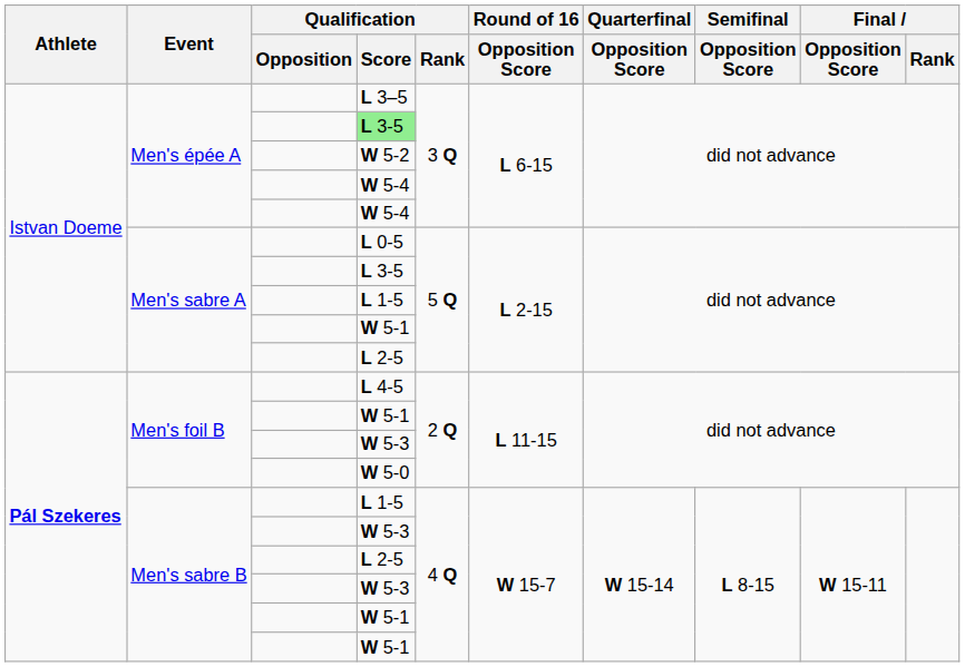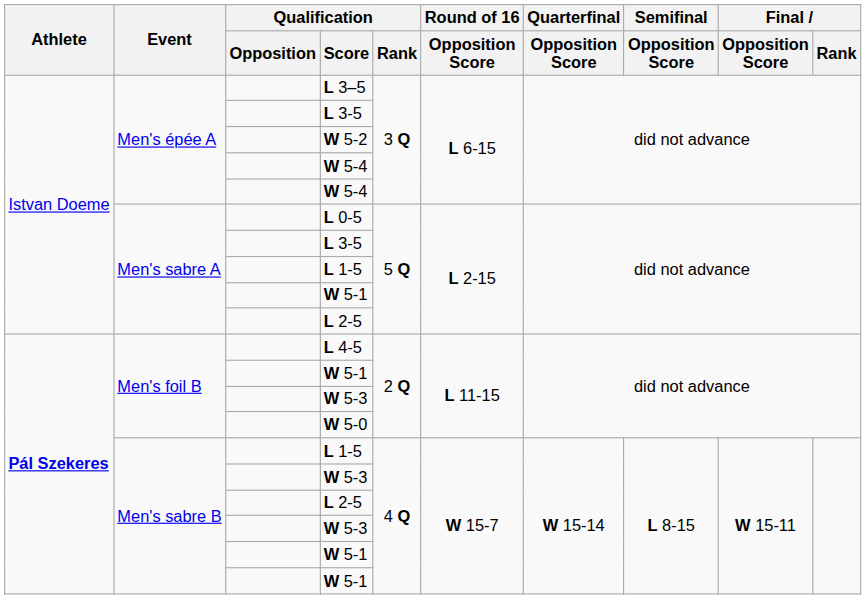 <table class=wikitable style="font-size:90%">
 <tr>
 <th rowspan="2">Athlete</th>
 <th rowspan="2">Event</th>
 <th colspan="3">Qualification</th>
 <th>Round of 16</th>
 <th>Quarterfinal</th>
 <th>Semifinal</th>
 <th colspan="2">Final / </th>
 </tr>
 <tr>
 <th>Opposition</th>
 <th>Score</th>
 <th>Rank</th>
 <th>Opposition<br>Score</th>
 <th>Opposition<br>Score</th>
 <th>Opposition<br>Score</th>
 <th>Opposition<br>Score</th>
 <th>Rank</th>
 </tr>
 <tr>
 <td rowspan=10><a href='#'>Istvan Doeme</a></td>
 <td rowspan=5><a href='#'>Men's épée A</a></td>
 <td></td>
 <td><strong>L</strong> 3–5</td>
 <td align="center" rowspan=5>3 <strong>Q</strong></td>
 <td align="center" rowspan=5><br><strong>L</strong> 6-15</td>
 <td align="center" rowspan=5 colspan=4>did not advance</td>
 </tr>
 <tr>
 <td></td>
-<td style="background: lightgreen;"><strong>L</strong> 3-5</td>
+<td><strong>L</strong> 3-5</td>
 </tr>
 <tr>
 <td></td>
 <td><strong>W</strong> 5-2</td>
 </tr>
 <tr>
 <td></td>
 <td><strong>W</strong> 5-4</td>
 </tr>
 <tr>
 <td></td>
 <td><strong>W</strong> 5-4</td>
 </tr>
 <tr>
 <td rowspan=5><a href='#'>Men's sabre A</a></td>
 <td></td>
 <td><strong>L</strong> 0-5</td>
 <td align="center" rowspan=5>5 <strong>Q</strong></td>
 <td align="center" rowspan=5><br><strong>L</strong> 2-15</td>
 <td align="center" rowspan=5 colspan=4>did not advance</td>
 </tr>
 <tr>
 <td></td>
 <td><strong>L</strong> 3-5</td>
 </tr>
 <tr>
 <td></td>
 <td><strong>L</strong> 1-5</td>
 </tr>
 <tr>
 <td></td>
 <td><strong>W</strong> 5-1</td>
 </tr>
 <tr>
 <td></td>
 <td><strong>L</strong> 2-5</td>
 </tr>
 <tr>
 <td rowspan=10><strong><a href='#'>Pál Szekeres</a></strong></td>
 <td rowspan=4><a href='#'>Men's foil B</a></td>
 <td></td>
 <td><strong>L</strong> 4-5</td>
 <td align="center" rowspan=4>2 <strong>Q</strong></td>
 <td align="center" rowspan=4><br><strong>L</strong> 11-15</td>
 <td align="center" rowspan=4 colspan=4>did not advance</td>
 </tr>
 <tr>
 <td></td>
 <td><strong>W</strong> 5-1</td>
 </tr>
 <tr>
 <td></td>
 <td><strong>W</strong> 5-3</td>
 </tr>
 <tr>
 <td></td>
 <td><strong>W</strong> 5-0</td>
 </tr>
 <tr>
 <td rowspan=6><a href='#'>Men's sabre B</a></td>
 <td></td>
 <td><strong>L</strong> 1-5</td>
 <td align="center" rowspan=6>4 <strong>Q</strong></td>
 <td align="center" rowspan=6><br><strong>W</strong> 15-7</td>
 <td align="center" rowspan=6><br><strong>W</strong> 15-14</td>
 <td align="center" rowspan=6><br><strong>L</strong> 8-15</td>
 <td align="center" rowspan=6><br><strong>W</strong> 15-11</td>
 <td align="center" rowspan=6></td>
 </tr>
 <tr>
 <td></td>
 <td><strong>W</strong> 5-3</td>
 </tr>
 <tr>
 <td></td>
 <td><strong>L</strong> 2-5</td>
 </tr>
 <tr>
 <td></td>
 <td><strong>W</strong> 5-3</td>
 </tr>
 <tr>
 <td></td>
 <td><strong>W</strong> 5-1</td>
 </tr>
 <tr>
 <td></td>
 <td><strong>W</strong> 5-1</td>
 </tr>
 </table>
